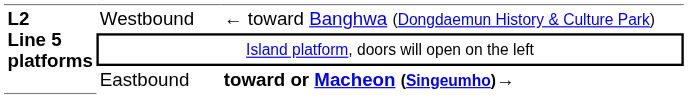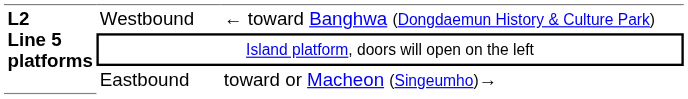 <table table border=0 cellspacing=0 cellpadding=3>
 <tr>
 <td style="border-top:solid 1px gray;border-bottom:solid 1px gray;" width=50 rowspan=10 valign=top><strong>L2<br>Line 5 platforms</strong></td>
 <td style="border-bottom:solid 0px gray;border-top:solid 1px gray;" width=100>Westbound</td>
 <td style="border-bottom:solid 0px gray;border-top:solid 1px gray;" width=390>←  toward <a href='#'>Banghwa</a> <small>(<a href='#'>Dongdaemun History & Culture Park</a>)</small></td>
 </tr>
 <tr>
 <td style="border-top:solid 2px black;border-right:solid 2px black;border-left:solid 2px black;border-bottom:solid 2px black;text-align:center;" colspan=2><small><a href='#'>Island platform</a>, doors will open on the left</small></td>
 </tr>
 <tr>
 <td>Eastbound</td>
-<td><strong>  toward  or <a href='#'>Macheon</a> <small>(<a href='#'>Singeumho</a>)</small>→</strong></td>
+<td>  toward  or <a href='#'>Macheon</a> <small>(<a href='#'>Singeumho</a>)</small>→</td>
 </tr>
 </table>
